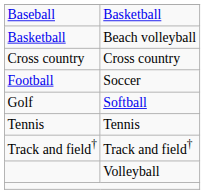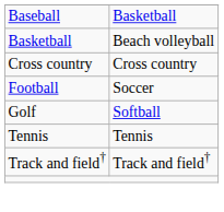 <table class="wikitable" style= "">
 <tr>
 </tr>
 <tr>
 <td><a href='#'>Baseball</a></td>
 <td><a href='#'>Basketball</a></td>
 </tr>
 <tr>
 <td><a href='#'>Basketball</a></td>
 <td>Beach volleyball</td>
 </tr>
 <tr>
 <td>Cross country</td>
 <td>Cross country</td>
 </tr>
 <tr>
 <td><a href='#'>Football</a></td>
 <td>Soccer</td>
 </tr>
 <tr>
 <td>Golf</td>
 <td><a href='#'>Softball</a></td>
 </tr>
 <tr>
 <td>Tennis</td>
 <td>Tennis</td>
 </tr>
 <tr>
 <td>Track and field<sup>†</sup></td>
 <td>Track and field<sup>†</sup></td>
 </tr>
 <tr>
-<td></td>
-<td>Volleyball</td>
-</tr>
-<tr>
 <td colspan="2"></td>
 </tr>
 </table>
